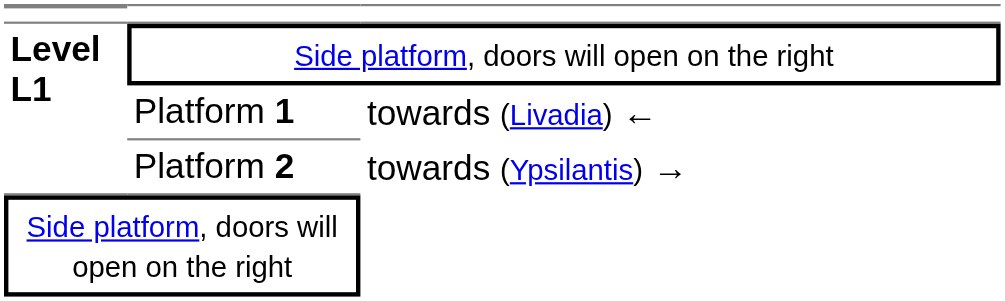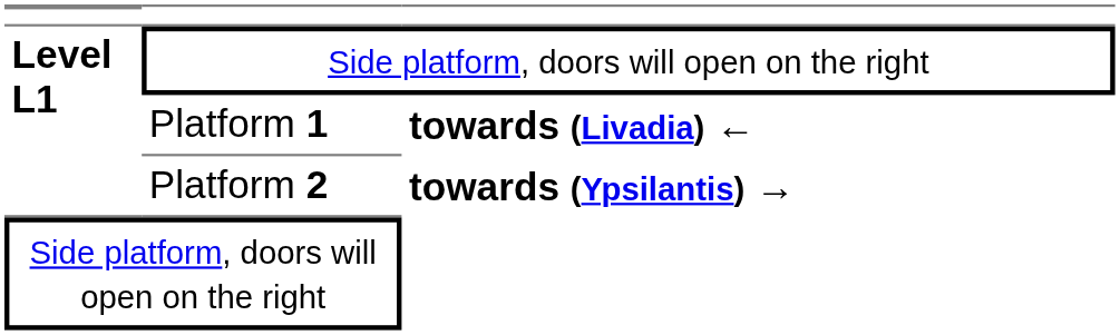 <table table border=0 cellspacing=0 cellpadding=3>
 <tr>
 <td style="border-bottom:solid 1px gray;border-top:solid 2px gray;" width=50 valign=top></td>
 <td style="border-top:solid 1px gray;border-bottom:solid 1px gray;" width=100 valign=top></td>
 <td style="border-top:solid 1px gray;border-bottom:solid 1px gray;" width=285 valign=top></td>
 </tr>
 <tr>
 <td style="border-bottom:solid 1px gray;" rowspan=4 valign=top><strong>Level<br>L1</strong></td>
 <td style="border-top:solid 2px black;border-right:solid 2px black;border-left:solid 2px black;border-bottom:solid 2px black;text-align:center;" colspan=2><small><a href='#'>Side platform</a>, doors will open on the right</small></td>
 </tr>
 <tr>
 <td style="border-bottom:solid 1px gray;">Platform <span><strong>1</strong></span></td>
-<td> towards  <small>(<a href='#'>Livadia</a>)</small> ←</td>
+<td><strong> towards  <small>(<a href='#'>Livadia</a>)</small> ←</strong></td>
 </tr>
 <tr>
 <td style="border-bottom:solid 1px gray;">Platform <span><strong>2</strong></span></td>
-<td> towards  <small>(<a href='#'>Ypsilantis</a>)</small> →</td>
+<td><strong> towards  <small>(<a href='#'>Ypsilantis</a>)</small> →</strong></td>
 </tr>
 <tr>
 </tr>
 <tr>
 <td style="border-top:solid 2px black;border-left:solid 2px black;border-right:solid 2px black;border-bottom:solid 2px black;text-align:center;" colspan=2><small><a href='#'>Side platform</a>, doors will open on the right</small></td>
 </tr>
 </table>
